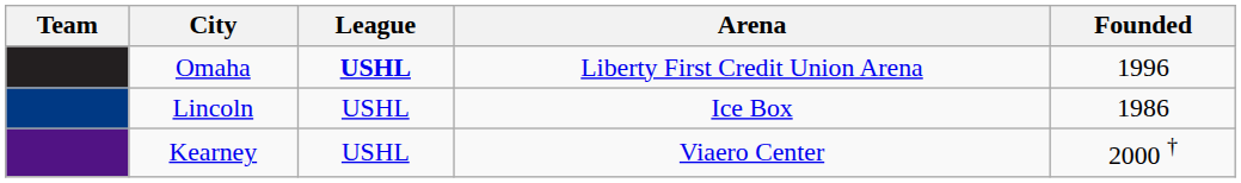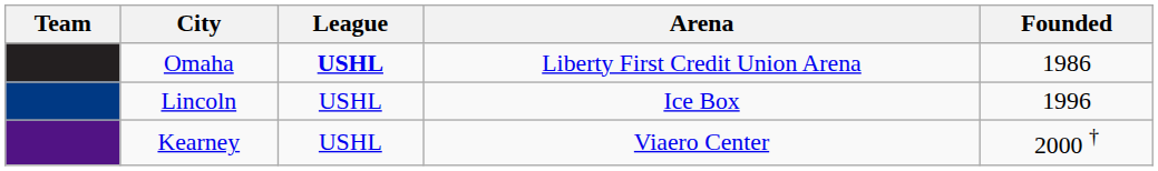 <table class="wikitable sortable" width="60%">
 <tr>
 <th>Team</th>
 <th>City</th>
 <th>League</th>
 <th>Arena</th>
 <th>Founded</th>
 </tr>
 <tr align=center>
 <td style="color:white; background:#231f20; "><strong><a href='#'></a></strong></td>
 <td><a href='#'>Omaha</a></td>
 <td><strong><a href='#'>USHL</a></strong></td>
 <td><a href='#'>Liberty First Credit Union Arena</a></td>
-<td>1996</td>
+<td>1986</td>
 </tr>
 <tr align=center>
 <td style="color:white; background:#003984; "><strong><a href='#'></a></strong></td>
 <td><a href='#'>Lincoln</a></td>
 <td><a href='#'>USHL</a></td>
 <td><a href='#'>Ice Box</a></td>
-<td>1986</td>
+<td>1996</td>
 </tr>
 <tr align=center>
 <td style="color:white; background:#511384; "><strong><a href='#'></a></strong></td>
 <td><a href='#'>Kearney</a></td>
 <td><a href='#'>USHL</a></td>
 <td><a href='#'>Viaero Center</a></td>
 <td>2000 <sup>†</sup></td>
 </tr>
 </table>
